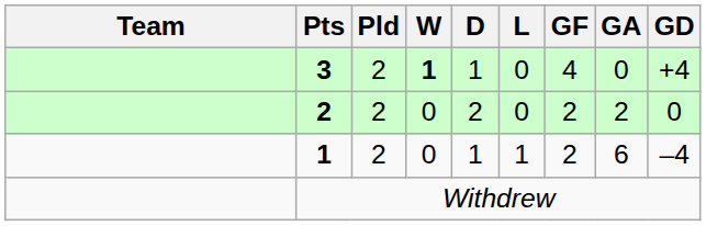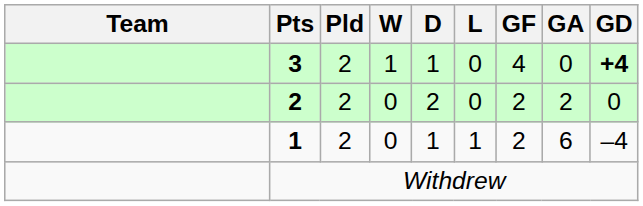 <table class=wikitable style="text-align:center">
 <tr>
 <th width=165>Team</th>
 <th width=20>Pts</th>
 <th width=20>Pld</th>
 <th width=20>W</th>
 <th width=20>D</th>
 <th width=20>L</th>
 <th width=20>GF</th>
 <th width=20>GA</th>
 <th width=20>GD</th>
 </tr>
 <tr align=center style="background:#ccffcc;">
 <td style="text-align:left;"></td>
 <td><strong>3</strong></td>
 <td>2</td>
-<td><strong>1</strong></td>
+<td>1</td>
 <td>1</td>
 <td>0</td>
 <td>4</td>
 <td>0</td>
-<td>+4</td>
+<td><strong>+4</strong></td>
 </tr>
 <tr align=center style="background:#ccffcc;">
 <td style="text-align:left;"></td>
 <td><strong>2</strong></td>
 <td>2</td>
 <td>0</td>
 <td>2</td>
 <td>0</td>
 <td>2</td>
 <td>2</td>
 <td>0</td>
 </tr>
 <tr align=center>
 <td style="text-align:left;"></td>
 <td><strong>1</strong></td>
 <td>2</td>
 <td>0</td>
 <td>1</td>
 <td>1</td>
 <td>2</td>
 <td>6</td>
 <td>–4</td>
 </tr>
 <tr align=center>
 <td style="text-align:left;"></td>
 <td colspan="8"><em>Withdrew</em></td>
 </tr>
 </table>
